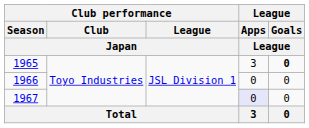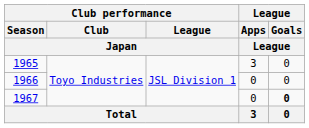 <table class="wikitable" style="text-align:center;">
 <tr>
 <th colspan=3>Club performance</th>
 <th colspan=2>League</th>
 </tr>
 <tr>
 <th>Season</th>
 <th>Club</th>
 <th>League</th>
 <th>Apps</th>
 <th>Goals</th>
 </tr>
 <tr>
 <th colspan=3>Japan</th>
 <th colspan=2>League</th>
 </tr>
 <tr>
 <td><a href='#'>1965</a></td>
 <td rowspan="3"><a href='#'>Toyo Industries</a></td>
 <td rowspan="3"><a href='#'>JSL Division 1</a></td>
 <td>3</td>
-<td><strong>0</strong></td>
+<td>0</td>
 </tr>
 <tr>
 <td><a href='#'>1966</a></td>
 <td>0</td>
 <td>0</td>
 </tr>
 <tr>
 <td><a href='#'>1967</a></td>
-<td style="background: lavender;">0</td>
 <td>0</td>
+<td><strong>0</strong></td>
 </tr>
 <tr>
 <th colspan=3>Total</th>
 <th>3</th>
 <th>0</th>
 </tr>
 </table>
